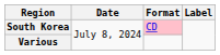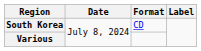 <table class="wikitable plainrowheaders">
 <tr>
 <th scope="col">Region</th>
 <th scope="col">Date</th>
 <th scope="col">Format</th>
 <th scope="col">Label</th>
 </tr>
 <tr>
 <th scope="row">South Korea</th>
 <td rowspan="2">July 8, 2024</td>
-<td style="background: pink;"><a href='#'>CD</a></td>
+<td><a href='#'>CD</a></td>
 <td rowspan="2"></td>
 </tr>
 <tr>
 <th scope="row">Various </th>
 <td></td>
 </tr>
 </table>
